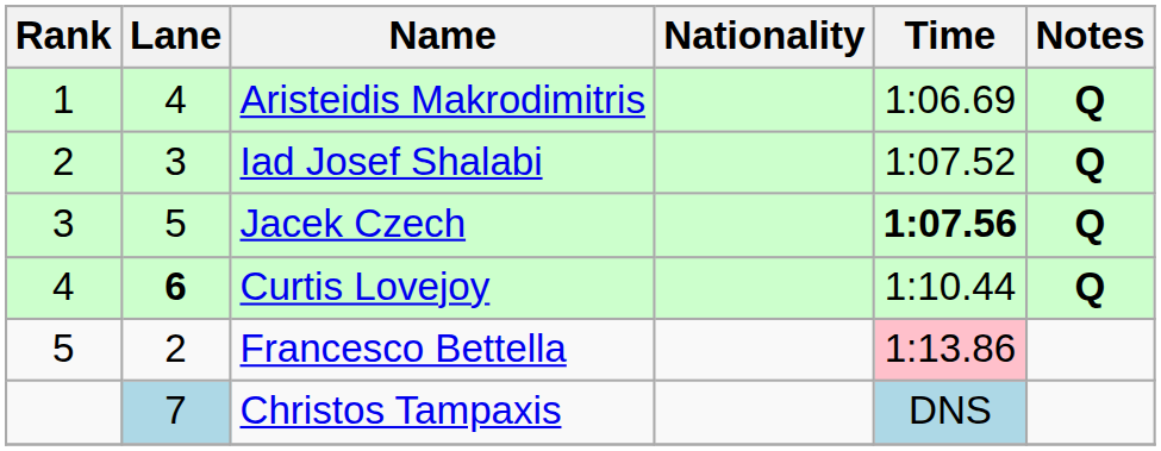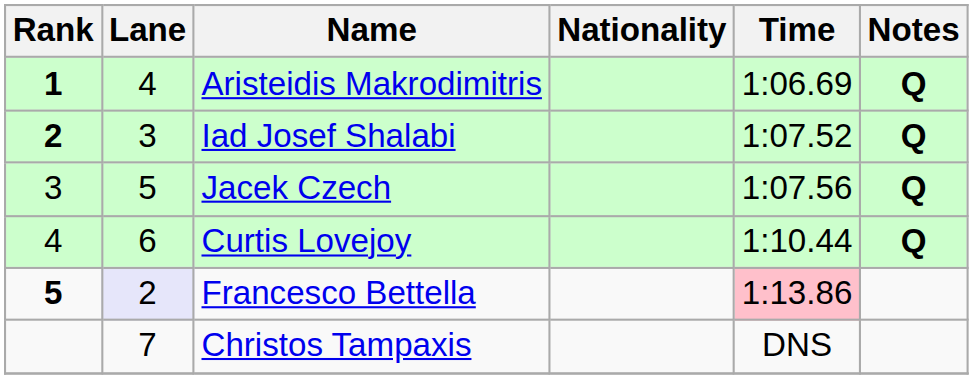 <table class="wikitable">
 <tr>
 <th>Rank</th>
 <th>Lane</th>
 <th>Name</th>
 <th>Nationality</th>
 <th>Time</th>
 <th>Notes</th>
 </tr>
 <tr bgcolor=ccffcc>
-<td align=center>1</td>
+<td align=center><strong>1</strong></td>
 <td align=center>4</td>
 <td><a href='#'>Aristeidis Makrodimitris</a></td>
 <td></td>
 <td align=center>1:06.69</td>
 <td align=center><strong>Q</strong></td>
 </tr>
 <tr bgcolor=ccffcc>
-<td align=center>2</td>
+<td align=center><strong>2</strong></td>
 <td align=center>3</td>
 <td><a href='#'>Iad Josef Shalabi</a></td>
 <td></td>
 <td align=center>1:07.52</td>
 <td align=center><strong>Q</strong></td>
 </tr>
 <tr bgcolor=ccffcc>
 <td align=center>3</td>
 <td align=center>5</td>
 <td><a href='#'>Jacek Czech</a></td>
 <td></td>
-<td align=center><strong>1:07.56</strong></td>
+<td align=center>1:07.56</td>
 <td align=center><strong>Q</strong></td>
 </tr>
 <tr bgcolor=ccffcc>
 <td align=center>4</td>
-<td align=center><strong>6</strong></td>
+<td align=center>6</td>
 <td><a href='#'>Curtis Lovejoy</a></td>
 <td></td>
 <td align=center>1:10.44</td>
 <td align=center><strong>Q</strong></td>
 </tr>
 <tr>
-<td align=center>5</td>
-<td align=center>2</td>
+<td align=center><strong>5</strong></td>
+<td align=center style="background: lavender;">2</td>
 <td><a href='#'>Francesco Bettella</a></td>
 <td></td>
 <td align=center style="background: pink;">1:13.86</td>
 <td align=center></td>
 </tr>
 <tr>
 <td align=center></td>
-<td align=center style="background: lightblue;">7</td>
+<td align=center>7</td>
 <td><a href='#'>Christos Tampaxis</a></td>
 <td></td>
-<td align=center style="background: lightblue;">DNS</td>
+<td align=center>DNS</td>
 <td align=center></td>
 </tr>
 <tr>
 </tr>
 </table>
